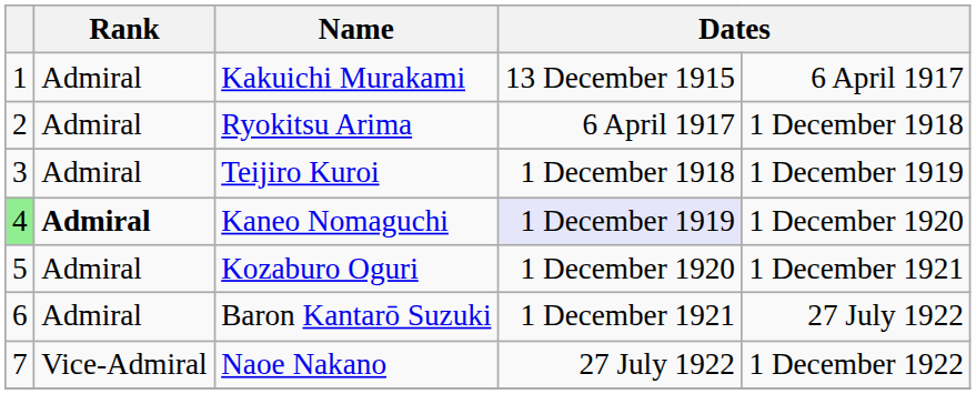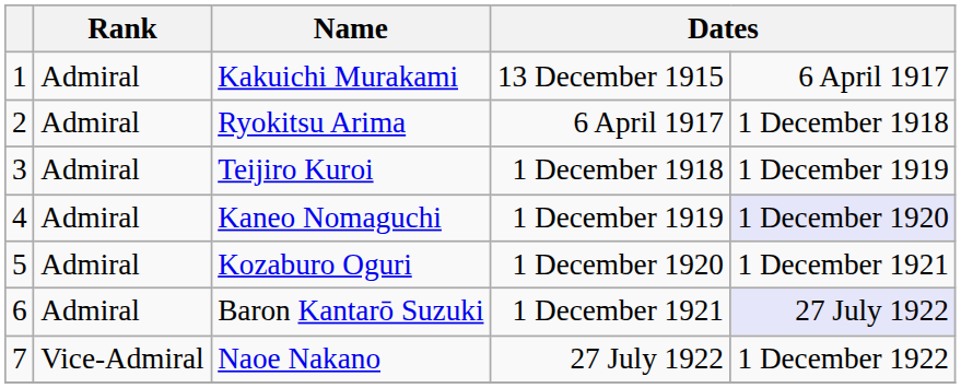 <table class=wikitable>
 <tr>
 <th></th>
 <th>Rank</th>
 <th>Name</th>
 <th colspan="2">Dates</th>
 </tr>
 <tr>
 <td>1</td>
 <td>Admiral</td>
 <td><a href='#'>Kakuichi Murakami</a></td>
 <td style="text-align:right;">13 December 1915</td>
 <td style="text-align:right;">6 April 1917</td>
 </tr>
 <tr>
 <td>2</td>
 <td>Admiral</td>
 <td><a href='#'>Ryokitsu Arima</a></td>
 <td style="text-align:right;">6 April 1917</td>
 <td style="text-align:right;">1 December 1918</td>
 </tr>
 <tr>
 <td>3</td>
 <td>Admiral</td>
 <td><a href='#'>Teijiro Kuroi</a></td>
 <td style="text-align:right;">1 December 1918</td>
 <td style="text-align:right;">1 December 1919</td>
 </tr>
 <tr>
-<td style="background: lightgreen;">4</td>
-<td><strong>Admiral</strong></td>
+<td>4</td>
+<td>Admiral</td>
 <td><a href='#'>Kaneo Nomaguchi</a></td>
-<td style="background: lavender; text-align:right;">1 December 1919</td>
-<td style="text-align:right;">1 December 1920</td>
+<td style="text-align:right;">1 December 1919</td>
+<td style="background: lavender; text-align:right;">1 December 1920</td>
 </tr>
 <tr>
 <td>5</td>
 <td>Admiral</td>
 <td><a href='#'>Kozaburo Oguri</a></td>
 <td style="text-align:right;">1 December 1920</td>
 <td style="text-align:right;">1 December 1921</td>
 </tr>
 <tr>
 <td>6</td>
 <td>Admiral</td>
 <td>Baron <a href='#'>Kantarō Suzuki</a></td>
 <td style="text-align:right;">1 December 1921</td>
-<td style="text-align:right;">27 July 1922</td>
+<td style="background: lavender; text-align:right;">27 July 1922</td>
 </tr>
 <tr>
 <td>7</td>
 <td>Vice-Admiral</td>
 <td><a href='#'>Naoe Nakano</a></td>
 <td style="text-align:right;">27 July 1922</td>
 <td style="text-align:right;">1 December 1922</td>
 </tr>
 <tr>
 </tr>
 </table>
